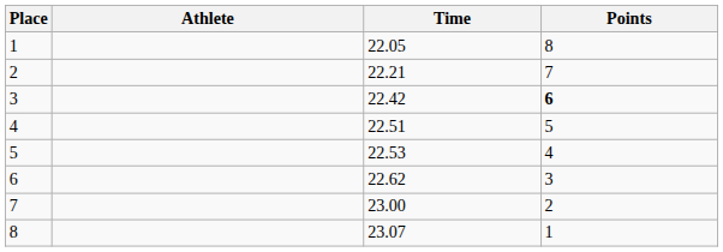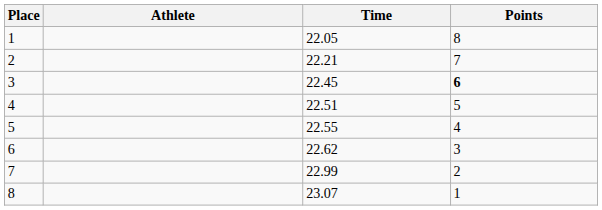 <table class=wikitable>
 <tr>
 <th>Place</th>
 <th style="width:18em">Athlete</th>
 <th style="width:10em">Time</th>
 <th style="width:10em">Points</th>
 </tr>
 <tr>
 <td>1</td>
 <td></td>
 <td>22.05</td>
 <td>8</td>
 </tr>
 <tr>
 <td>2</td>
 <td></td>
 <td>22.21</td>
 <td>7</td>
 </tr>
 <tr>
 <td>3</td>
 <td></td>
-<td>22.42</td>
+<td>22.45</td>
 <td><strong>6</strong></td>
 </tr>
 <tr>
 <td>4</td>
 <td></td>
 <td>22.51 </td>
 <td>5</td>
 </tr>
 <tr>
 <td>5</td>
 <td></td>
-<td>22.53</td>
+<td>22.55</td>
 <td>4</td>
 </tr>
 <tr>
 <td>6</td>
 <td></td>
 <td>22.62</td>
 <td>3</td>
 </tr>
 <tr>
 <td>7</td>
 <td></td>
-<td>23.00</td>
+<td>22.99</td>
 <td>2</td>
 </tr>
 <tr>
 <td>8</td>
 <td></td>
 <td>23.07</td>
 <td>1</td>
 </tr>
 </table>
